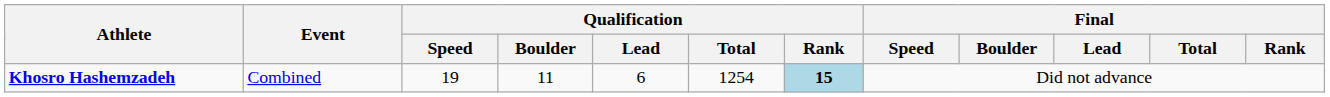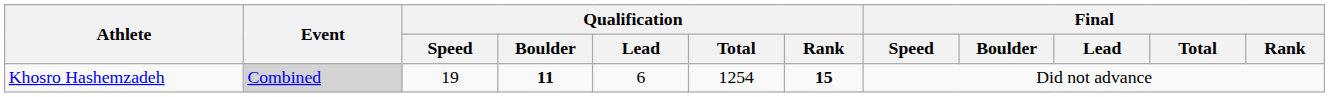 <table class="wikitable" width="85%" style="text-align:center; font-size:90%">
 <tr>
 <th rowspan="2" width="15%">Athlete</th>
 <th rowspan="2" width="10%">Event</th>
 <th colspan="5">Qualification</th>
 <th colspan="5">Final</th>
 </tr>
 <tr>
 <th width="6%">Speed</th>
 <th width="6%">Boulder</th>
 <th width="6%">Lead</th>
 <th width="6%">Total</th>
 <th width="5%">Rank</th>
 <th width="6%">Speed</th>
 <th width="6%">Boulder</th>
 <th width="6%">Lead</th>
 <th width="6%">Total</th>
 <th width="5%">Rank</th>
 </tr>
 <tr>
-<td align="left"><strong><a href='#'>Khosro Hashemzadeh</a></strong></td>
-<td align="left"><a href='#'>Combined</a></td>
+<td align="left"><a href='#'>Khosro Hashemzadeh</a></td>
+<td align="left" style="background: lightgrey;"><a href='#'>Combined</a></td>
 <td>19</td>
-<td>11</td>
+<td><strong>11</strong></td>
 <td>6</td>
 <td>1254</td>
-<td style="background: lightblue;"><strong>15</strong></td>
+<td><strong>15</strong></td>
 <td colspan=5>Did not advance</td>
 </tr>
 </table>
